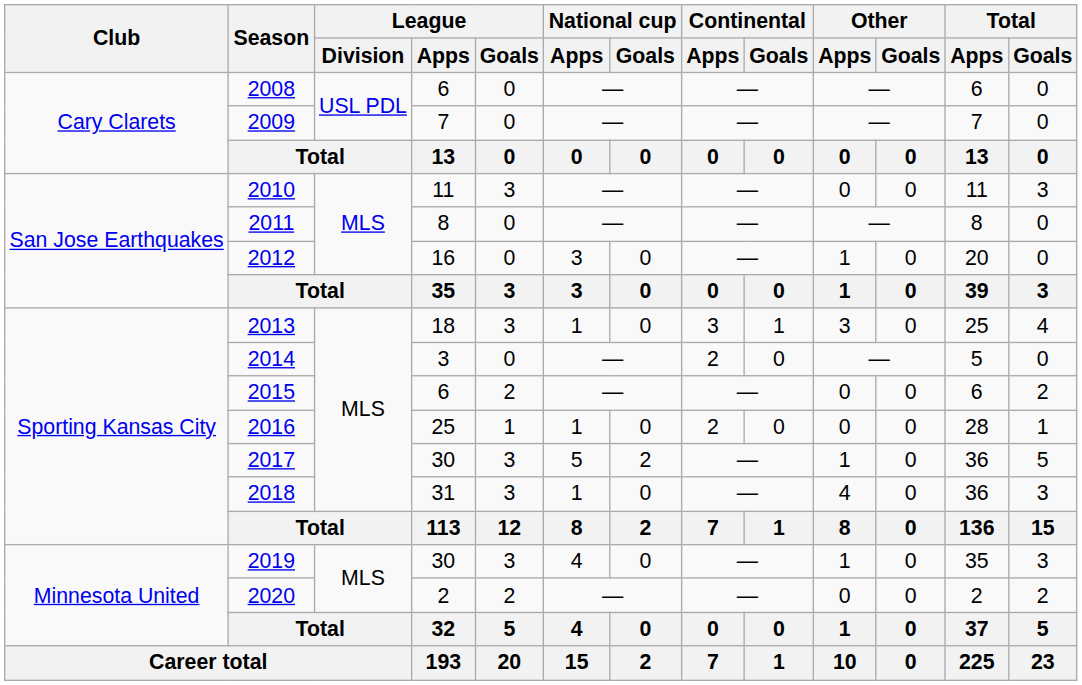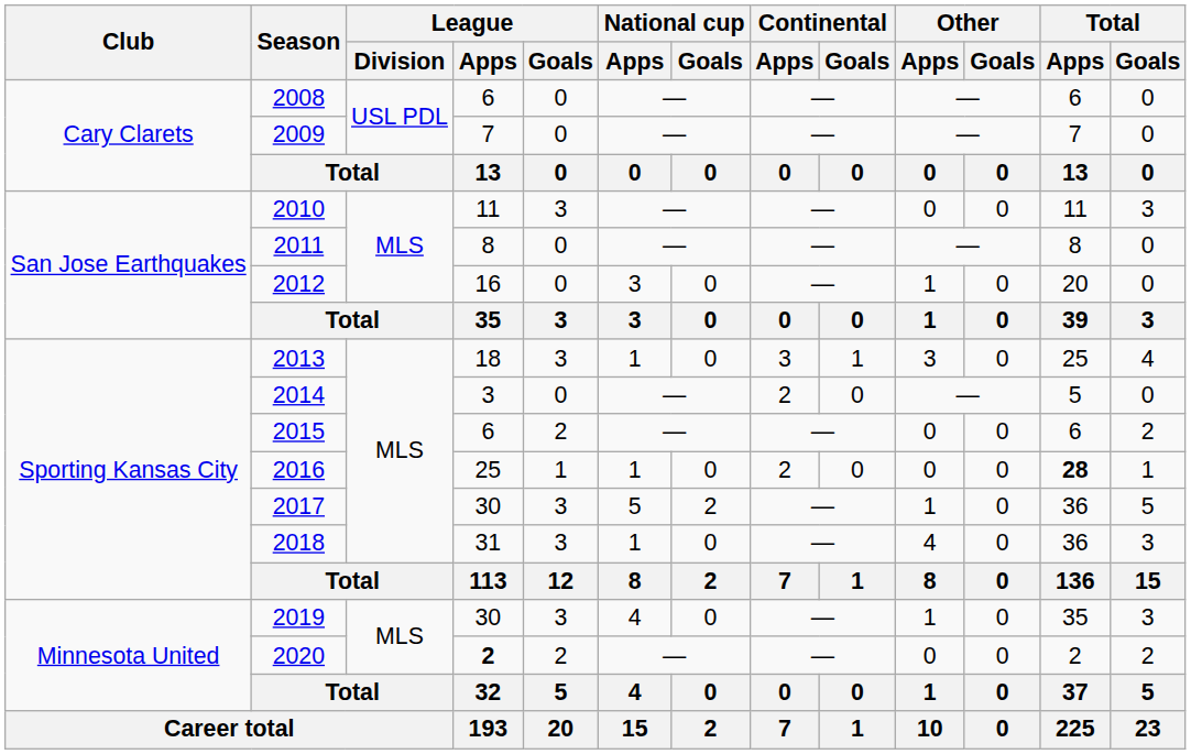 <table class="wikitable" style="text-align:center">
 <tr>
 <th rowspan="2">Club</th>
 <th rowspan="2">Season</th>
 <th colspan="3">League</th>
 <th colspan="2">National cup</th>
 <th colspan="2">Continental</th>
 <th colspan="2">Other</th>
 <th colspan="2">Total</th>
 </tr>
 <tr>
 <th>Division</th>
 <th>Apps</th>
 <th>Goals</th>
 <th>Apps</th>
 <th>Goals</th>
 <th>Apps</th>
 <th>Goals</th>
 <th>Apps</th>
 <th>Goals</th>
 <th>Apps</th>
 <th>Goals</th>
 </tr>
 <tr>
 <td rowspan="3"><a href='#'>Cary Clarets</a></td>
 <td><a href='#'>2008</a></td>
 <td rowspan="2"><a href='#'>USL PDL</a></td>
 <td>6</td>
 <td>0</td>
 <td colspan="2">—</td>
 <td colspan="2">—</td>
 <td colspan="2">—</td>
 <td>6</td>
 <td>0</td>
 </tr>
 <tr>
 <td><a href='#'>2009</a></td>
 <td>7</td>
 <td>0</td>
 <td colspan="2">—</td>
 <td colspan="2">—</td>
 <td colspan="2">—</td>
 <td>7</td>
 <td>0</td>
 </tr>
 <tr>
 <th colspan="2">Total</th>
 <th>13</th>
 <th>0</th>
 <th>0</th>
 <th>0</th>
 <th>0</th>
 <th>0</th>
 <th>0</th>
 <th>0</th>
 <th>13</th>
 <th>0</th>
 </tr>
 <tr>
 <td rowspan="4"><a href='#'>San Jose Earthquakes</a></td>
 <td><a href='#'>2010</a></td>
 <td rowspan="3"><a href='#'>MLS</a></td>
 <td>11</td>
 <td>3</td>
 <td colspan="2">—</td>
 <td colspan="2">—</td>
 <td>0</td>
 <td>0</td>
 <td>11</td>
 <td>3</td>
 </tr>
 <tr>
 <td><a href='#'>2011</a></td>
 <td>8</td>
 <td>0</td>
 <td colspan="2">—</td>
 <td colspan="2">—</td>
 <td colspan="2">—</td>
 <td>8</td>
 <td>0</td>
 </tr>
 <tr>
 <td><a href='#'>2012</a></td>
 <td>16</td>
 <td>0</td>
 <td>3</td>
 <td>0</td>
 <td colspan="2">—</td>
 <td>1</td>
 <td>0</td>
 <td>20</td>
 <td>0</td>
 </tr>
 <tr>
 <th colspan="2">Total</th>
 <th>35</th>
 <th>3</th>
 <th>3</th>
 <th>0</th>
 <th>0</th>
 <th>0</th>
 <th>1</th>
 <th>0</th>
 <th>39</th>
 <th>3</th>
 </tr>
 <tr>
 <td rowspan="7"><a href='#'>Sporting Kansas City</a></td>
 <td><a href='#'>2013</a></td>
 <td rowspan="6">MLS</td>
 <td>18</td>
 <td>3</td>
 <td>1</td>
 <td>0</td>
 <td>3</td>
 <td>1</td>
 <td>3</td>
 <td>0</td>
 <td>25</td>
 <td>4</td>
 </tr>
 <tr>
 <td><a href='#'>2014</a></td>
 <td>3</td>
 <td>0</td>
 <td colspan="2">—</td>
 <td>2</td>
 <td>0</td>
 <td colspan="2">—</td>
 <td>5</td>
 <td>0</td>
 </tr>
 <tr>
 <td><a href='#'>2015</a></td>
 <td>6</td>
 <td>2</td>
 <td colspan="2">—</td>
 <td colspan="2">—</td>
 <td>0</td>
 <td>0</td>
 <td>6</td>
 <td>2</td>
 </tr>
 <tr>
 <td><a href='#'>2016</a></td>
 <td>25</td>
 <td>1</td>
 <td>1</td>
 <td>0</td>
 <td>2</td>
 <td>0</td>
 <td>0</td>
 <td>0</td>
-<td>28</td>
+<td><strong>28</strong></td>
 <td>1</td>
 </tr>
 <tr>
 <td><a href='#'>2017</a></td>
 <td>30</td>
 <td>3</td>
 <td>5</td>
 <td>2</td>
 <td colspan="2">—</td>
 <td>1</td>
 <td>0</td>
 <td>36</td>
 <td>5</td>
 </tr>
 <tr>
 <td><a href='#'>2018</a></td>
 <td>31</td>
 <td>3</td>
 <td>1</td>
 <td>0</td>
 <td colspan="2">—</td>
 <td>4</td>
 <td>0</td>
 <td>36</td>
 <td>3</td>
 </tr>
 <tr>
 <th colspan="2">Total</th>
 <th>113</th>
 <th>12</th>
 <th>8</th>
 <th>2</th>
 <th>7</th>
 <th>1</th>
 <th>8</th>
 <th>0</th>
 <th>136</th>
 <th>15</th>
 </tr>
 <tr>
 <td rowspan="3"><a href='#'>Minnesota United</a></td>
 <td><a href='#'>2019</a></td>
 <td rowspan="2">MLS</td>
 <td>30</td>
 <td>3</td>
 <td>4</td>
 <td>0</td>
 <td colspan="2">—</td>
 <td>1</td>
 <td>0</td>
 <td>35</td>
 <td>3</td>
 </tr>
 <tr>
 <td><a href='#'>2020</a></td>
-<td>2</td>
+<td><strong>2</strong></td>
 <td>2</td>
 <td colspan="2">—</td>
 <td colspan="2">—</td>
 <td>0</td>
 <td>0</td>
 <td>2</td>
 <td>2</td>
 </tr>
 <tr>
 <th colspan="2">Total</th>
 <th>32</th>
 <th>5</th>
 <th>4</th>
 <th>0</th>
 <th>0</th>
 <th>0</th>
 <th>1</th>
 <th>0</th>
 <th>37</th>
 <th>5</th>
 </tr>
 <tr>
 <th colspan="3">Career total</th>
 <th>193</th>
 <th>20</th>
 <th>15</th>
 <th>2</th>
 <th>7</th>
 <th>1</th>
 <th>10</th>
 <th>0</th>
 <th>225</th>
 <th>23</th>
 </tr>
 </table>
